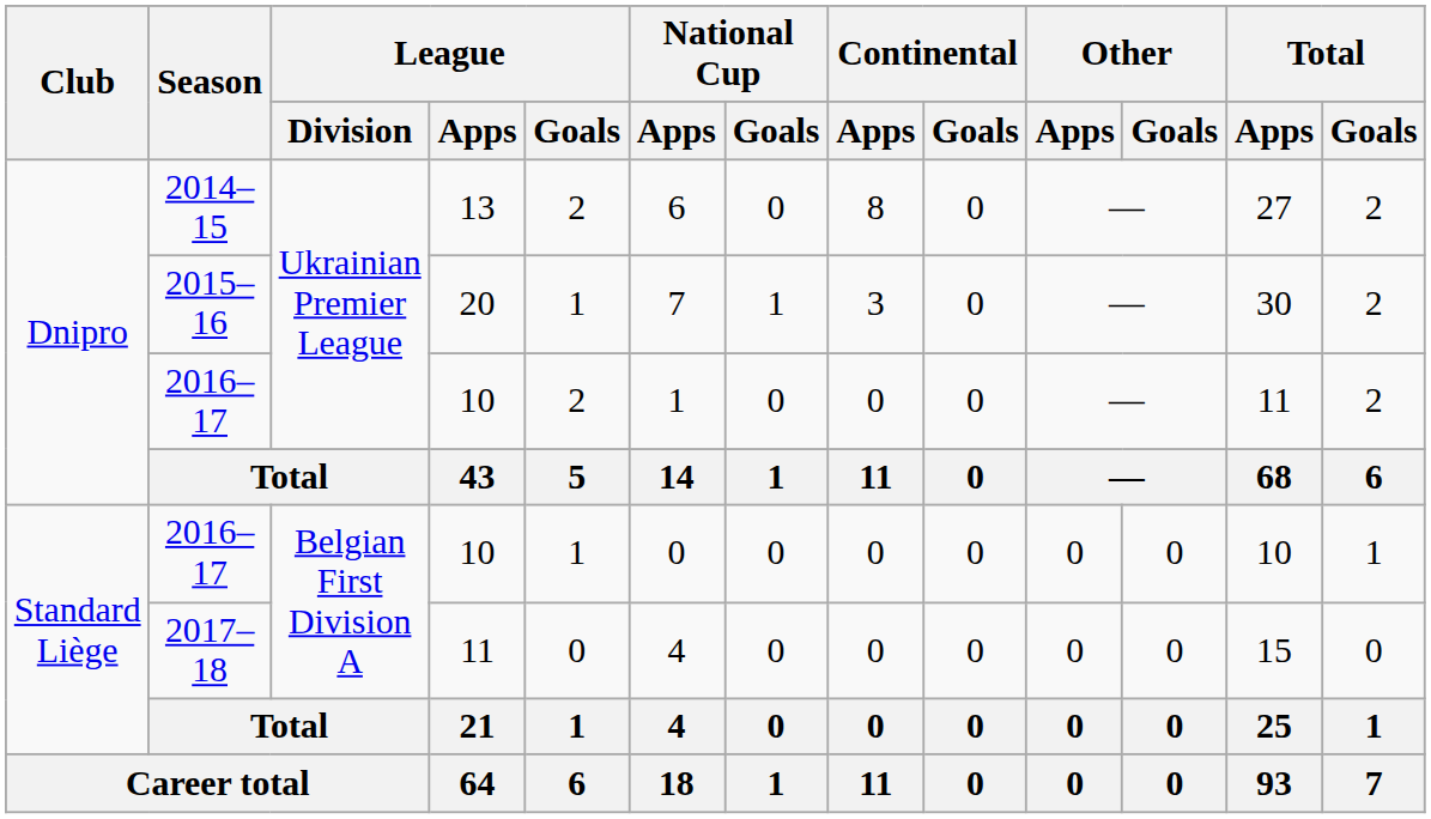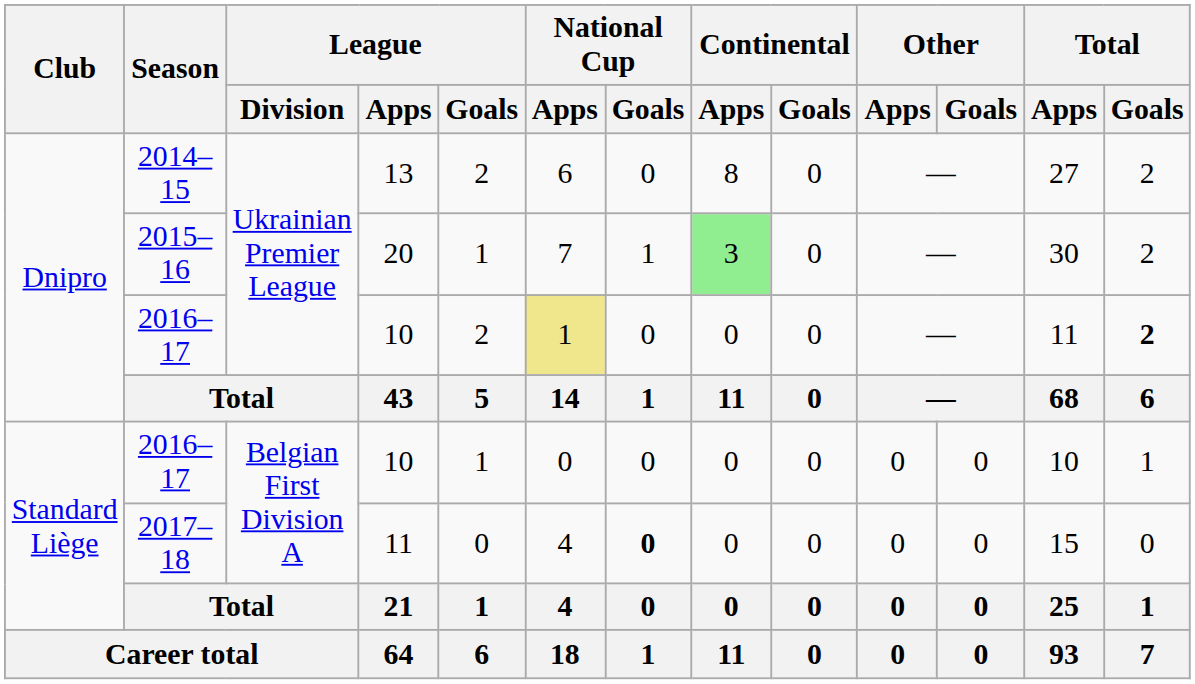 <table class="wikitable" style="text-align:center">
 <tr>
 <th rowspan="2">Club</th>
 <th rowspan="2">Season</th>
 <th colspan="3">League</th>
 <th colspan="2">National Cup</th>
 <th colspan="2">Continental</th>
 <th colspan="2">Other</th>
 <th colspan="2">Total</th>
 </tr>
 <tr>
 <th>Division</th>
 <th>Apps</th>
 <th>Goals</th>
 <th>Apps</th>
 <th>Goals</th>
 <th>Apps</th>
 <th>Goals</th>
 <th>Apps</th>
 <th>Goals</th>
 <th>Apps</th>
 <th>Goals</th>
 </tr>
 <tr>
 <td rowspan="4"><a href='#'>Dnipro</a></td>
 <td><a href='#'>2014–15</a></td>
 <td rowspan="3"><a href='#'>Ukrainian Premier League</a></td>
 <td>13</td>
 <td>2</td>
 <td>6</td>
 <td>0</td>
 <td>8</td>
 <td>0</td>
 <td colspan="2">—</td>
 <td>27</td>
 <td>2</td>
 </tr>
 <tr>
 <td><a href='#'>2015–16</a></td>
 <td>20</td>
 <td>1</td>
 <td>7</td>
 <td>1</td>
-<td>3</td>
+<td style="background: lightgreen;">3</td>
 <td>0</td>
 <td colspan="2">—</td>
 <td>30</td>
 <td>2</td>
 </tr>
 <tr>
 <td><a href='#'>2016–17</a></td>
 <td>10</td>
 <td>2</td>
-<td>1</td>
+<td style="background: khaki;">1</td>
 <td>0</td>
 <td>0</td>
 <td>0</td>
 <td colspan="2">—</td>
 <td>11</td>
-<td>2</td>
+<td><strong>2</strong></td>
 </tr>
 <tr>
 <th colspan="2">Total</th>
 <th>43</th>
 <th>5</th>
 <th>14</th>
 <th>1</th>
 <th>11</th>
 <th>0</th>
 <th colspan="2">—</th>
 <th>68</th>
 <th>6</th>
 </tr>
 <tr>
 <td rowspan="3"><a href='#'>Standard Liège</a></td>
 <td><a href='#'>2016–17</a></td>
 <td rowspan="2"><a href='#'>Belgian First Division A</a></td>
 <td>10</td>
 <td>1</td>
 <td>0</td>
 <td>0</td>
 <td>0</td>
 <td>0</td>
 <td>0</td>
 <td>0</td>
 <td>10</td>
 <td>1</td>
 </tr>
 <tr>
 <td><a href='#'>2017–18</a></td>
 <td>11</td>
 <td>0</td>
 <td>4</td>
-<td>0</td>
+<td><strong>0</strong></td>
 <td>0</td>
 <td>0</td>
 <td>0</td>
 <td>0</td>
 <td>15</td>
 <td>0</td>
 </tr>
 <tr>
 <th colspan="2">Total</th>
 <th>21</th>
 <th>1</th>
 <th>4</th>
 <th>0</th>
 <th>0</th>
 <th>0</th>
 <th>0</th>
 <th>0</th>
 <th>25</th>
 <th>1</th>
 </tr>
 <tr>
 <th colspan="3">Career total</th>
 <th>64</th>
 <th>6</th>
 <th>18</th>
 <th>1</th>
 <th>11</th>
 <th>0</th>
 <th>0</th>
 <th>0</th>
 <th>93</th>
 <th>7</th>
 </tr>
 </table>
